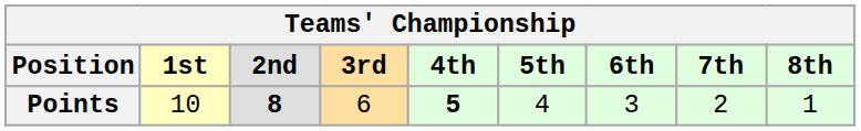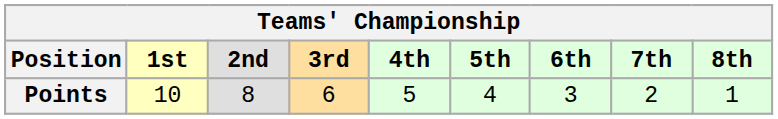 <table class="wikitable" style="font-size:85%; text-align:center">
 <tr>
 <th colspan=9>Teams' Championship</th>
 </tr>
 <tr>
 <th>Position</th>
 <td style="background:#ffffbf;"> <strong>1st</strong> </td>
 <td style="background:#dfdfdf;"> <strong>2nd</strong> </td>
 <td style="background:#ffdf9f;"> <strong>3rd</strong> </td>
 <td style="background:#dfffdf;"> <strong>4th</strong> </td>
 <td style="background:#dfffdf;"> <strong>5th</strong> </td>
 <td style="background:#dfffdf;"> <strong>6th</strong> </td>
 <td style="background:#dfffdf;"> <strong>7th</strong> </td>
 <td style="background:#dfffdf;"> <strong>8th</strong> </td>
 </tr>
 <tr>
 <th>Points</th>
 <td style="background:#ffffbf;">10</td>
-<td style="background:#dfdfdf;"><strong>8</strong></td>
+<td style="background:#dfdfdf;">8</td>
 <td style="background:#ffdf9f;">6</td>
-<td style="background:#dfffdf;"><strong>5</strong></td>
+<td style="background:#dfffdf;">5</td>
 <td style="background:#dfffdf;">4</td>
 <td style="background:#dfffdf;">3</td>
 <td style="background:#dfffdf;">2</td>
 <td style="background:#dfffdf;">1</td>
 </tr>
 </table>
